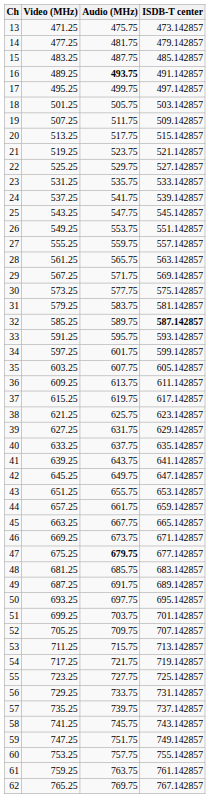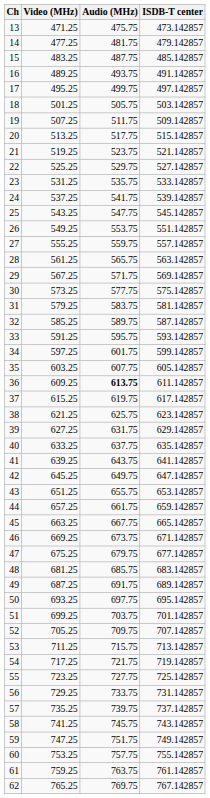 <table class="wikitable" style="text-align:right">
 <tr>
 <th>Ch</th>
 <th>Video (MHz)</th>
 <th>Audio (MHz)</th>
 <th>ISDB-T center</th>
 </tr>
 <tr>
 <td>13</td>
 <td>471.25</td>
 <td>475.75</td>
 <td>473.142857</td>
 </tr>
 <tr>
 <td>14</td>
 <td>477.25</td>
 <td>481.75</td>
 <td>479.142857</td>
 </tr>
 <tr>
 <td>15</td>
 <td>483.25</td>
 <td>487.75</td>
 <td>485.142857</td>
 </tr>
 <tr>
 <td>16</td>
 <td>489.25</td>
-<td><strong>493.75</strong></td>
+<td>493.75</td>
 <td>491.142857</td>
 </tr>
 <tr>
 <td>17</td>
 <td>495.25</td>
 <td>499.75</td>
 <td>497.142857</td>
 </tr>
 <tr>
 <td>18</td>
 <td>501.25</td>
 <td>505.75</td>
 <td>503.142857</td>
 </tr>
 <tr>
 <td>19</td>
 <td>507.25</td>
 <td>511.75</td>
 <td>509.142857</td>
 </tr>
 <tr>
 <td>20</td>
 <td>513.25</td>
 <td>517.75</td>
 <td>515.142857</td>
 </tr>
 <tr>
 <td>21</td>
 <td>519.25</td>
 <td>523.75</td>
 <td>521.142857</td>
 </tr>
 <tr>
 <td>22</td>
 <td>525.25</td>
 <td>529.75</td>
 <td>527.142857</td>
 </tr>
 <tr>
 <td>23</td>
 <td>531.25</td>
 <td>535.75</td>
 <td>533.142857</td>
 </tr>
 <tr>
 <td>24</td>
 <td>537.25</td>
 <td>541.75</td>
 <td>539.142857</td>
 </tr>
 <tr>
 <td>25</td>
 <td>543.25</td>
 <td>547.75</td>
 <td>545.142857</td>
 </tr>
 <tr>
 <td>26</td>
 <td>549.25</td>
 <td>553.75</td>
 <td>551.142857</td>
 </tr>
 <tr>
 <td>27</td>
 <td>555.25</td>
 <td>559.75</td>
 <td>557.142857</td>
 </tr>
 <tr>
 <td>28</td>
 <td>561.25</td>
 <td>565.75</td>
 <td>563.142857</td>
 </tr>
 <tr>
 <td>29</td>
 <td>567.25</td>
 <td>571.75</td>
 <td>569.142857</td>
 </tr>
 <tr>
 <td>30</td>
 <td>573.25</td>
 <td>577.75</td>
 <td>575.142857</td>
 </tr>
 <tr>
 <td>31</td>
 <td>579.25</td>
 <td>583.75</td>
 <td>581.142857</td>
 </tr>
 <tr>
 <td>32</td>
 <td>585.25</td>
 <td>589.75</td>
-<td><strong>587.142857</strong></td>
+<td>587.142857</td>
 </tr>
 <tr>
 <td>33</td>
 <td>591.25</td>
 <td>595.75</td>
 <td>593.142857</td>
 </tr>
 <tr>
 <td>34</td>
 <td>597.25</td>
 <td>601.75</td>
 <td>599.142857</td>
 </tr>
 <tr>
 <td>35</td>
 <td>603.25</td>
 <td>607.75</td>
 <td>605.142857</td>
 </tr>
 <tr>
 <td>36</td>
 <td>609.25</td>
-<td>613.75</td>
+<td><strong>613.75</strong></td>
 <td>611.142857</td>
 </tr>
 <tr>
 <td>37</td>
 <td>615.25</td>
 <td>619.75</td>
 <td>617.142857</td>
 </tr>
 <tr>
 <td>38</td>
 <td>621.25</td>
 <td>625.75</td>
 <td>623.142857</td>
 </tr>
 <tr>
 <td>39</td>
 <td>627.25</td>
 <td>631.75</td>
 <td>629.142857</td>
 </tr>
 <tr>
 <td>40</td>
 <td>633.25</td>
 <td>637.75</td>
 <td>635.142857</td>
 </tr>
 <tr>
 <td>41</td>
 <td>639.25</td>
 <td>643.75</td>
 <td>641.142857</td>
 </tr>
 <tr>
 <td>42</td>
 <td>645.25</td>
 <td>649.75</td>
 <td>647.142857</td>
 </tr>
 <tr>
 <td>43</td>
 <td>651.25</td>
 <td>655.75</td>
 <td>653.142857</td>
 </tr>
 <tr>
 <td>44</td>
 <td>657.25</td>
 <td>661.75</td>
 <td>659.142857</td>
 </tr>
 <tr>
 <td>45</td>
 <td>663.25</td>
 <td>667.75</td>
 <td>665.142857</td>
 </tr>
 <tr>
 <td>46</td>
 <td>669.25</td>
 <td>673.75</td>
 <td>671.142857</td>
 </tr>
 <tr>
 <td>47</td>
 <td>675.25</td>
-<td><strong>679.75</strong></td>
+<td>679.75</td>
 <td>677.142857</td>
 </tr>
 <tr>
 <td>48</td>
 <td>681.25</td>
 <td>685.75</td>
 <td>683.142857</td>
 </tr>
 <tr>
 <td>49</td>
 <td>687.25</td>
 <td>691.75</td>
 <td>689.142857</td>
 </tr>
 <tr>
 <td>50</td>
 <td>693.25</td>
 <td>697.75</td>
 <td>695.142857</td>
 </tr>
 <tr>
 <td>51</td>
 <td>699.25</td>
 <td>703.75</td>
 <td>701.142857</td>
 </tr>
 <tr>
 <td>52</td>
 <td>705.25</td>
 <td>709.75</td>
 <td>707.142857</td>
 </tr>
 <tr>
 <td>53</td>
 <td>711.25</td>
 <td>715.75</td>
 <td>713.142857</td>
 </tr>
 <tr>
 <td>54</td>
 <td>717.25</td>
 <td>721.75</td>
 <td>719.142857</td>
 </tr>
 <tr>
 <td>55</td>
 <td>723.25</td>
 <td>727.75</td>
 <td>725.142857</td>
 </tr>
 <tr>
 <td>56</td>
 <td>729.25</td>
 <td>733.75</td>
 <td>731.142857</td>
 </tr>
 <tr>
 <td>57</td>
 <td>735.25</td>
 <td>739.75</td>
 <td>737.142857</td>
 </tr>
 <tr>
 <td>58</td>
 <td>741.25</td>
 <td>745.75</td>
 <td>743.142857</td>
 </tr>
 <tr>
 <td>59</td>
 <td>747.25</td>
 <td>751.75</td>
 <td>749.142857</td>
 </tr>
 <tr>
 <td>60</td>
 <td>753.25</td>
 <td>757.75</td>
 <td>755.142857</td>
 </tr>
 <tr>
 <td>61</td>
 <td>759.25</td>
 <td>763.75</td>
 <td>761.142857</td>
 </tr>
 <tr>
 <td>62</td>
 <td>765.25</td>
 <td>769.75</td>
 <td>767.142857</td>
 </tr>
 </table>
